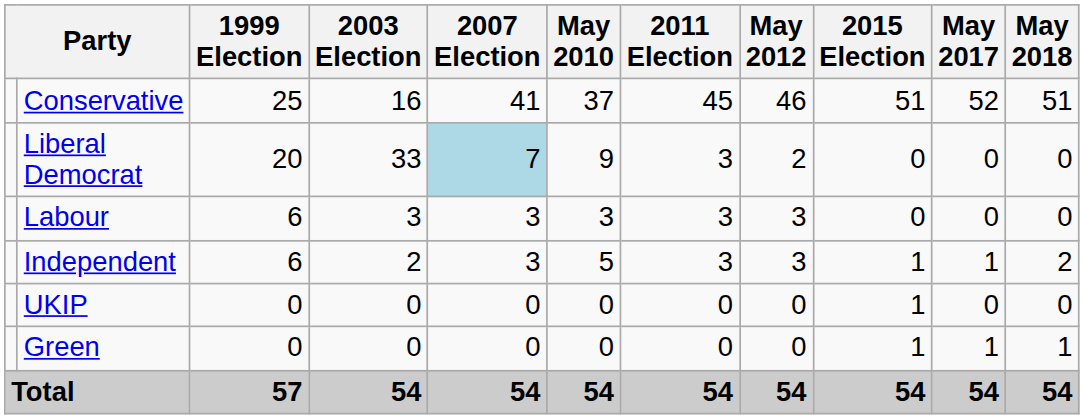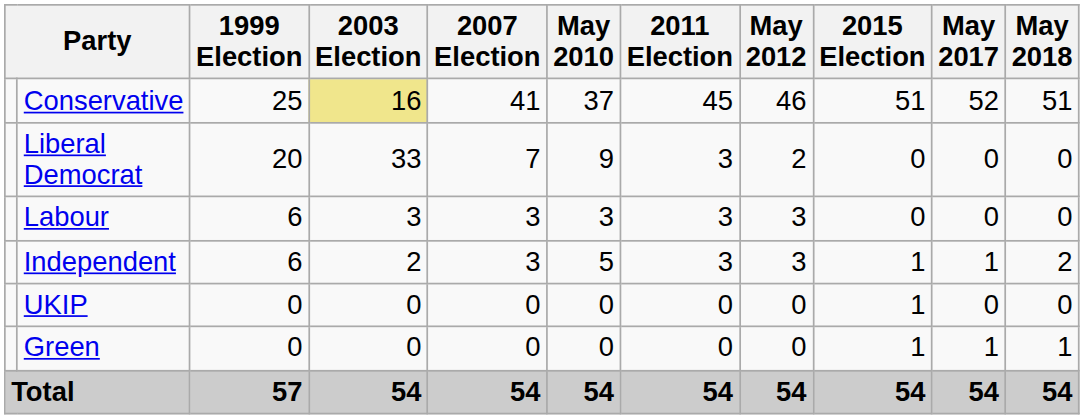 <table class="wikitable">
 <tr>
 <th colspan="2">Party</th>
 <th width="40px">1999 Election</th>
 <th width="40px">2003 Election</th>
 <th width="40px">2007 Election</th>
 <th width="40px">May 2010</th>
 <th width="40px">2011 Election</th>
 <th width="40px">May 2012</th>
 <th width="40px">2015 Election</th>
 <th width="40px">May 2017</th>
 <th width="40px">May 2018</th>
 </tr>
 <tr>
 <td style="color:inherit;background:"></td>
 <td><a href='#'>Conservative</a></td>
 <td align="right">25</td>
-<td align="right">16</td>
+<td align="right" style="background: khaki;">16</td>
 <td align="right">41</td>
 <td align="right">37</td>
 <td align="right">45</td>
 <td align="right">46</td>
 <td align="right">51</td>
 <td align="right">52</td>
 <td align="right">51</td>
 </tr>
 <tr>
 <td style="color:inherit;background:"></td>
 <td><a href='#'>Liberal Democrat</a></td>
 <td align="right">20</td>
 <td align="right">33</td>
-<td align="right" style="background: lightblue;">7</td>
+<td align="right">7</td>
 <td align="right">9</td>
 <td align="right">3</td>
 <td align="right">2</td>
 <td align="right">0</td>
 <td align="right">0</td>
 <td align="right">0</td>
 </tr>
 <tr>
 <td style="color:inherit;background:"></td>
 <td><a href='#'>Labour</a></td>
 <td align="right">6</td>
 <td align="right">3</td>
 <td align="right">3</td>
 <td align="right">3</td>
 <td align="right">3</td>
 <td align="right">3</td>
 <td align="right">0</td>
 <td align="right">0</td>
 <td align="right">0</td>
 </tr>
 <tr>
 <td style="color:inherit;background:"></td>
 <td><a href='#'>Independent</a></td>
 <td align="right">6</td>
 <td align="right">2</td>
 <td align="right">3</td>
 <td align="right">5</td>
 <td align="right">3</td>
 <td align="right">3</td>
 <td align="right">1</td>
 <td align="right">1</td>
 <td align="right">2</td>
 </tr>
 <tr>
 <td style="color:inherit;background:"></td>
 <td><a href='#'>UKIP</a></td>
 <td align="right">0</td>
 <td align="right">0</td>
 <td align="right">0</td>
 <td align="right">0</td>
 <td align="right">0</td>
 <td align="right">0</td>
 <td align="right">1</td>
 <td align="right">0</td>
 <td align="right">0</td>
 </tr>
 <tr>
 <td style="color:inherit;background:"></td>
 <td><a href='#'>Green</a></td>
 <td align="right">0</td>
 <td align="right">0</td>
 <td align="right">0</td>
 <td align="right">0</td>
 <td align="right">0</td>
 <td align="right">0</td>
 <td align="right">1</td>
 <td align="right">1</td>
 <td align="right">1</td>
 </tr>
 <tr bgcolor="CCCCCC">
 <td colspan="2"><strong>Total</strong></td>
 <td align="right"><strong>57</strong></td>
 <td align="right"><strong>54</strong></td>
 <td align="right"><strong>54</strong></td>
 <td align="right"><strong>54</strong></td>
 <td align="right"><strong>54</strong></td>
 <td align="right"><strong>54</strong></td>
 <td align="right"><strong>54</strong></td>
 <td align="right"><strong>54</strong></td>
 <td align="right"><strong>54</strong></td>
 </tr>
 </table>
